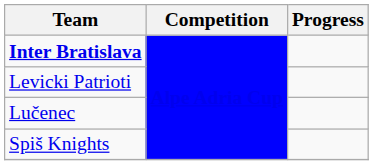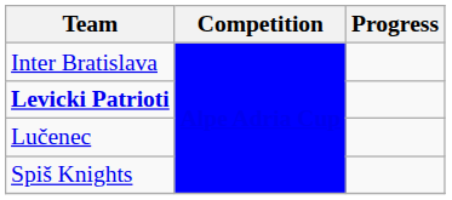 <table class="wikitable sortable">
 <tr>
 <th>Team</th>
 <th>Competition</th>
 <th>Progress</th>
 </tr>
 <tr>
-<td><strong><a href='#'>Inter Bratislava</a></strong></td>
+<td><a href='#'>Inter Bratislava</a></td>
 <td rowspan="4" align="center" style="background:blue;"><a href='#'><span><strong>Alpe Adria Cup</strong></span></a></td>
 <td></td>
 </tr>
 <tr>
-<td><a href='#'>Levicki Patrioti</a></td>
+<td><strong><a href='#'>Levicki Patrioti</a></strong></td>
 <td></td>
 </tr>
 <tr>
 <td><a href='#'>Lučenec</a></td>
 <td></td>
 </tr>
 <tr>
 <td><a href='#'>Spiš Knights</a></td>
 <td></td>
 </tr>
 <tr>
 </tr>
 </table>
